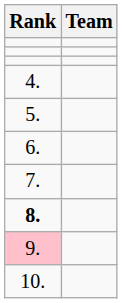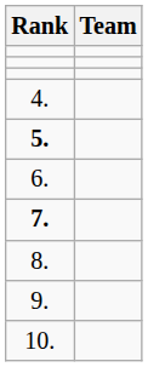 <table class="wikitable" style="font-size:95%;">
 <tr>
 <th>Rank</th>
 <th align="left">Team</th>
 </tr>
 <tr>
 <td align="center"></td>
 <td></td>
 </tr>
 <tr>
 <td align="center"></td>
 <td></td>
 </tr>
 <tr>
 <td align="center"></td>
 <td></td>
 </tr>
 <tr>
 <td rowspan=1 align="center">4.</td>
 <td></td>
 </tr>
 <tr>
-<td rowspan=1 align="center">5.</td>
+<td rowspan=1 align="center"><strong>5.</strong></td>
 <td></td>
 </tr>
 <tr>
 <td rowspan=1 align="center">6.</td>
 <td></td>
 </tr>
 <tr>
-<td rowspan=1 align="center">7.</td>
+<td rowspan=1 align="center"><strong>7.</strong></td>
 <td></td>
 </tr>
 <tr>
-<td rowspan=1 align="center"><strong>8.</strong></td>
+<td rowspan=1 align="center">8.</td>
 <td></td>
 </tr>
 <tr>
-<td rowspan=1 align="center" style="background: pink;">9.</td>
+<td rowspan=1 align="center">9.</td>
 <td></td>
 </tr>
 <tr>
 <td rowspan=1 align="center">10.</td>
 <td></td>
 </tr>
 </table>
